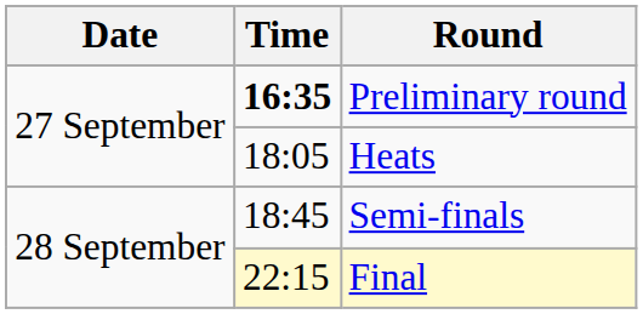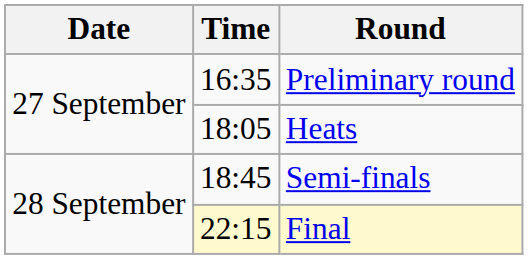 <table class="wikitable">
 <tr>
 <th>Date</th>
 <th>Time</th>
 <th>Round</th>
 </tr>
 <tr>
 <td rowspan=2>27 September</td>
-<td><strong>16:35</strong></td>
+<td>16:35</td>
 <td><a href='#'>Preliminary round</a></td>
 </tr>
 <tr>
 <td>18:05</td>
 <td><a href='#'>Heats</a></td>
 </tr>
 <tr>
 <td rowspan=2>28 September</td>
 <td>18:45</td>
 <td><a href='#'>Semi-finals</a></td>
 </tr>
 <tr style=background:lemonchiffon>
 <td>22:15</td>
 <td><a href='#'>Final</a></td>
 </tr>
 </table>
